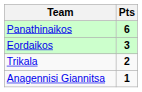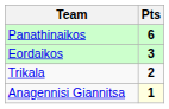 <table class="wikitable" style="text-align: center;">
 <tr>
 <th width=165>Team</th>
 <th width=20>Pts</th>
 </tr>
 <tr bgcolor="#ccffcc">
 <td align=left><a href='#'>Panathinaikos</a></td>
 <td><strong>6</strong></td>
 </tr>
 <tr bgcolor="#ccffcc">
 <td align=left><a href='#'>Eordaikos</a></td>
 <td><strong>3</strong></td>
 </tr>
 <tr>
 <td align=left><a href='#'>Trikala</a></td>
 <td><strong>2</strong></td>
 </tr>
 <tr>
 <td align=left><a href='#'>Anagennisi Giannitsa</a></td>
-<td><strong>1</strong></td>
+<td style="background: lightyellow;"><strong>1</strong></td>
 </tr>
 </table>
